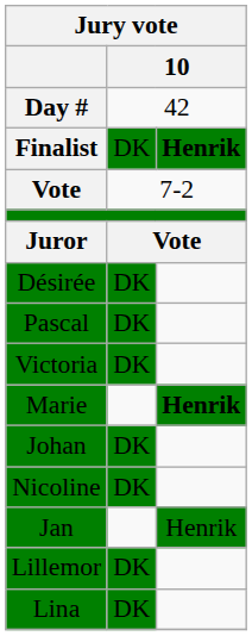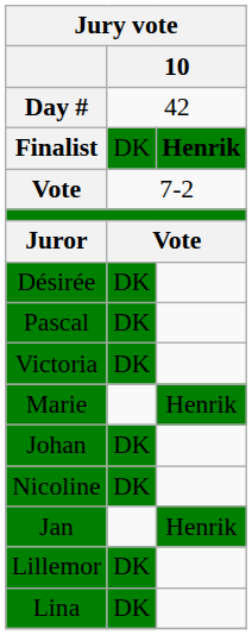 <table class="wikitable" style="text-align:center">
 <tr>
 <th colspan=3>Jury vote</th>
 </tr>
 <tr>
 <th></th>
 <th colspan="2">10</th>
 </tr>
 <tr>
 <th>Day #</th>
 <td colspan="2">42</td>
 </tr>
 <tr>
 <th>Finalist</th>
 <td bgcolor="green">DK</td>
 <td bgcolor="green"><strong>Henrik</strong></td>
 </tr>
 <tr>
 <th>Vote</th>
 <td colspan=2>7-2</td>
 </tr>
 <tr>
 <td colspan=9 bgcolor=green></td>
 </tr>
 <tr>
 <th>Juror</th>
 <th colspan=2>Vote</th>
 </tr>
 <tr>
 <td bgcolor="green">Désirée</td>
 <td bgcolor="green">DK</td>
 <td></td>
 </tr>
 <tr>
 <td bgcolor="green">Pascal</td>
 <td bgcolor="green">DK</td>
 <td></td>
 </tr>
 <tr>
 <td bgcolor="green">Victoria</td>
 <td bgcolor="green">DK</td>
 <td></td>
 </tr>
 <tr>
 <td bgcolor="green">Marie</td>
 <td></td>
-<td bgcolor="green"><strong>Henrik</strong></td>
+<td bgcolor="green">Henrik</td>
 </tr>
 <tr>
 <td bgcolor="green">Johan</td>
 <td bgcolor="green">DK</td>
 <td></td>
 </tr>
 <tr>
 <td bgcolor="green">Nicoline</td>
 <td bgcolor="green">DK</td>
 <td></td>
 </tr>
 <tr>
 <td bgcolor="green">Jan</td>
 <td></td>
 <td bgcolor="green">Henrik</td>
 </tr>
 <tr>
 <td bgcolor="green">Lillemor</td>
 <td bgcolor="green">DK</td>
 <td></td>
 </tr>
 <tr>
 <td bgcolor="green">Lina</td>
 <td bgcolor="green">DK</td>
 <td></td>
 </tr>
 <tr>
 </tr>
 </table>
